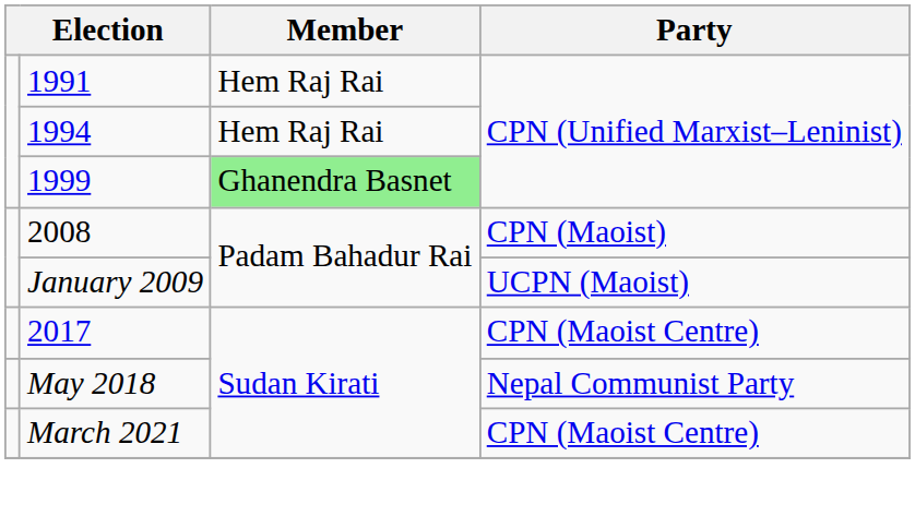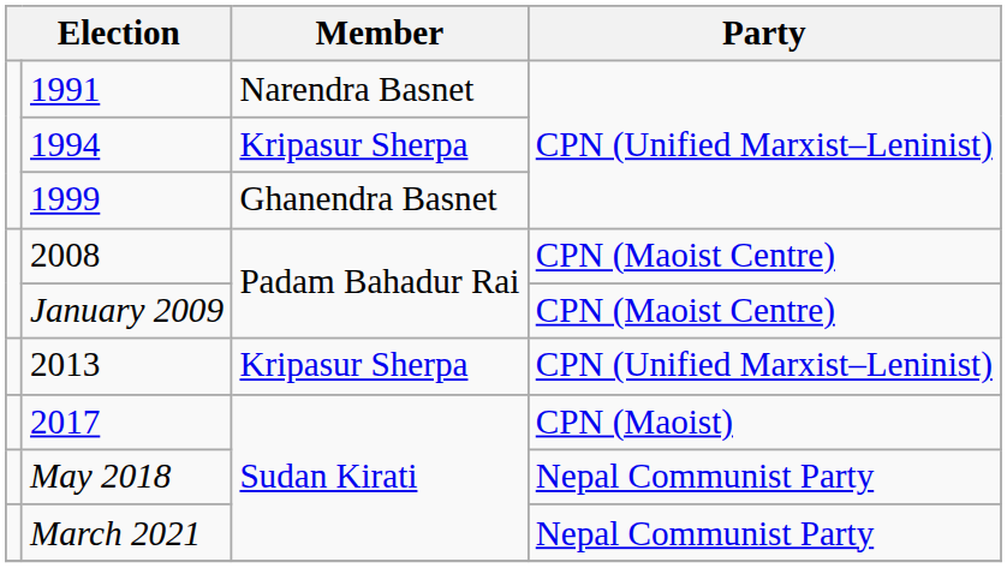 <table class="wikitable">
 <tr>
 <th colspan="2">Election</th>
 <th>Member</th>
 <th>Party</th>
 </tr>
 <tr>
 <td rowspan="3" style="background-color:"></td>
 <td><a href='#'>1991</a></td>
-<td>Hem Raj Rai</td>
+<td>Narendra Basnet</td>
 <td rowspan="3"><a href='#'>CPN (Unified Marxist–Leninist)</a></td>
 </tr>
 <tr>
 <td><a href='#'>1994</a></td>
-<td>Hem Raj Rai</td>
+<td><a href='#'>Kripasur Sherpa</a></td>
 </tr>
 <tr>
 <td><a href='#'>1999</a></td>
-<td style="background: lightgreen;">Ghanendra Basnet</td>
+<td>Ghanendra Basnet</td>
 </tr>
 <tr>
 <td rowspan="2" style="background-color:"></td>
 <td>2008</td>
 <td rowspan="2">Padam Bahadur Rai</td>
-<td><a href='#'>CPN (Maoist)</a></td>
+<td><a href='#'>CPN (Maoist Centre)</a></td>
 </tr>
 <tr>
 <td><em>January 2009</em></td>
-<td><a href='#'>UCPN (Maoist)</a></td>
+<td><a href='#'>CPN (Maoist Centre)</a></td>
+</tr>
+<tr>
+<td style="background-color:"></td>
+<td>2013</td>
+<td><a href='#'>Kripasur Sherpa</a></td>
+<td><a href='#'>CPN (Unified Marxist–Leninist)</a></td>
 </tr>
 <tr>
 <td style="background-color:"></td>
 <td><a href='#'>2017</a></td>
 <td rowspan="3"><a href='#'>Sudan Kirati</a></td>
-<td><a href='#'>CPN (Maoist Centre)</a></td>
+<td><a href='#'>CPN (Maoist)</a></td>
 </tr>
 <tr>
 <td style="background-color:"></td>
 <td><em>May 2018</em></td>
 <td><a href='#'>Nepal Communist Party</a></td>
 </tr>
 <tr>
 <td style="background-color:"></td>
 <td><em>March 2021</em></td>
-<td><a href='#'>CPN (Maoist Centre)</a></td>
+<td><a href='#'>Nepal Communist Party</a></td>
 </tr>
 <tr>
 </tr>
 </table>
